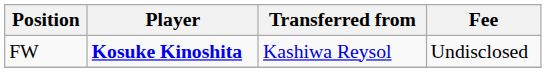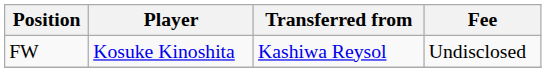 <table class="wikitable sortable" style="width:70%; text-align:center; font-size:100%; text-align:left;">
 <tr>
 <th>Position</th>
 <th>Player</th>
 <th>Transferred from</th>
 <th>Fee</th>
 </tr>
 <tr>
 <td>FW</td>
-<td><strong> <a href='#'>Kosuke Kinoshita</a></strong></td>
+<td> <a href='#'>Kosuke Kinoshita</a></td>
 <td> <a href='#'>Kashiwa Reysol</a></td>
 <td>Undisclosed </td>
 </tr>
 <tr>
 </tr>
 </table>
